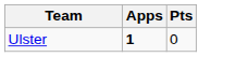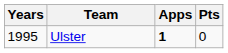 <table class="wikitable" style="text-align:left;">
 <tr>
+<th>Years</th>
 <th width=120px>Team</th>
 <th>Apps</th>
 <th>Pts</th>
 </tr>
 <tr>
+<td>1995</td>
 <td><a href='#'>Ulster</a></td>
 <td><strong>1</strong></td>
 <td>0</td>
 </tr>
 </table>
